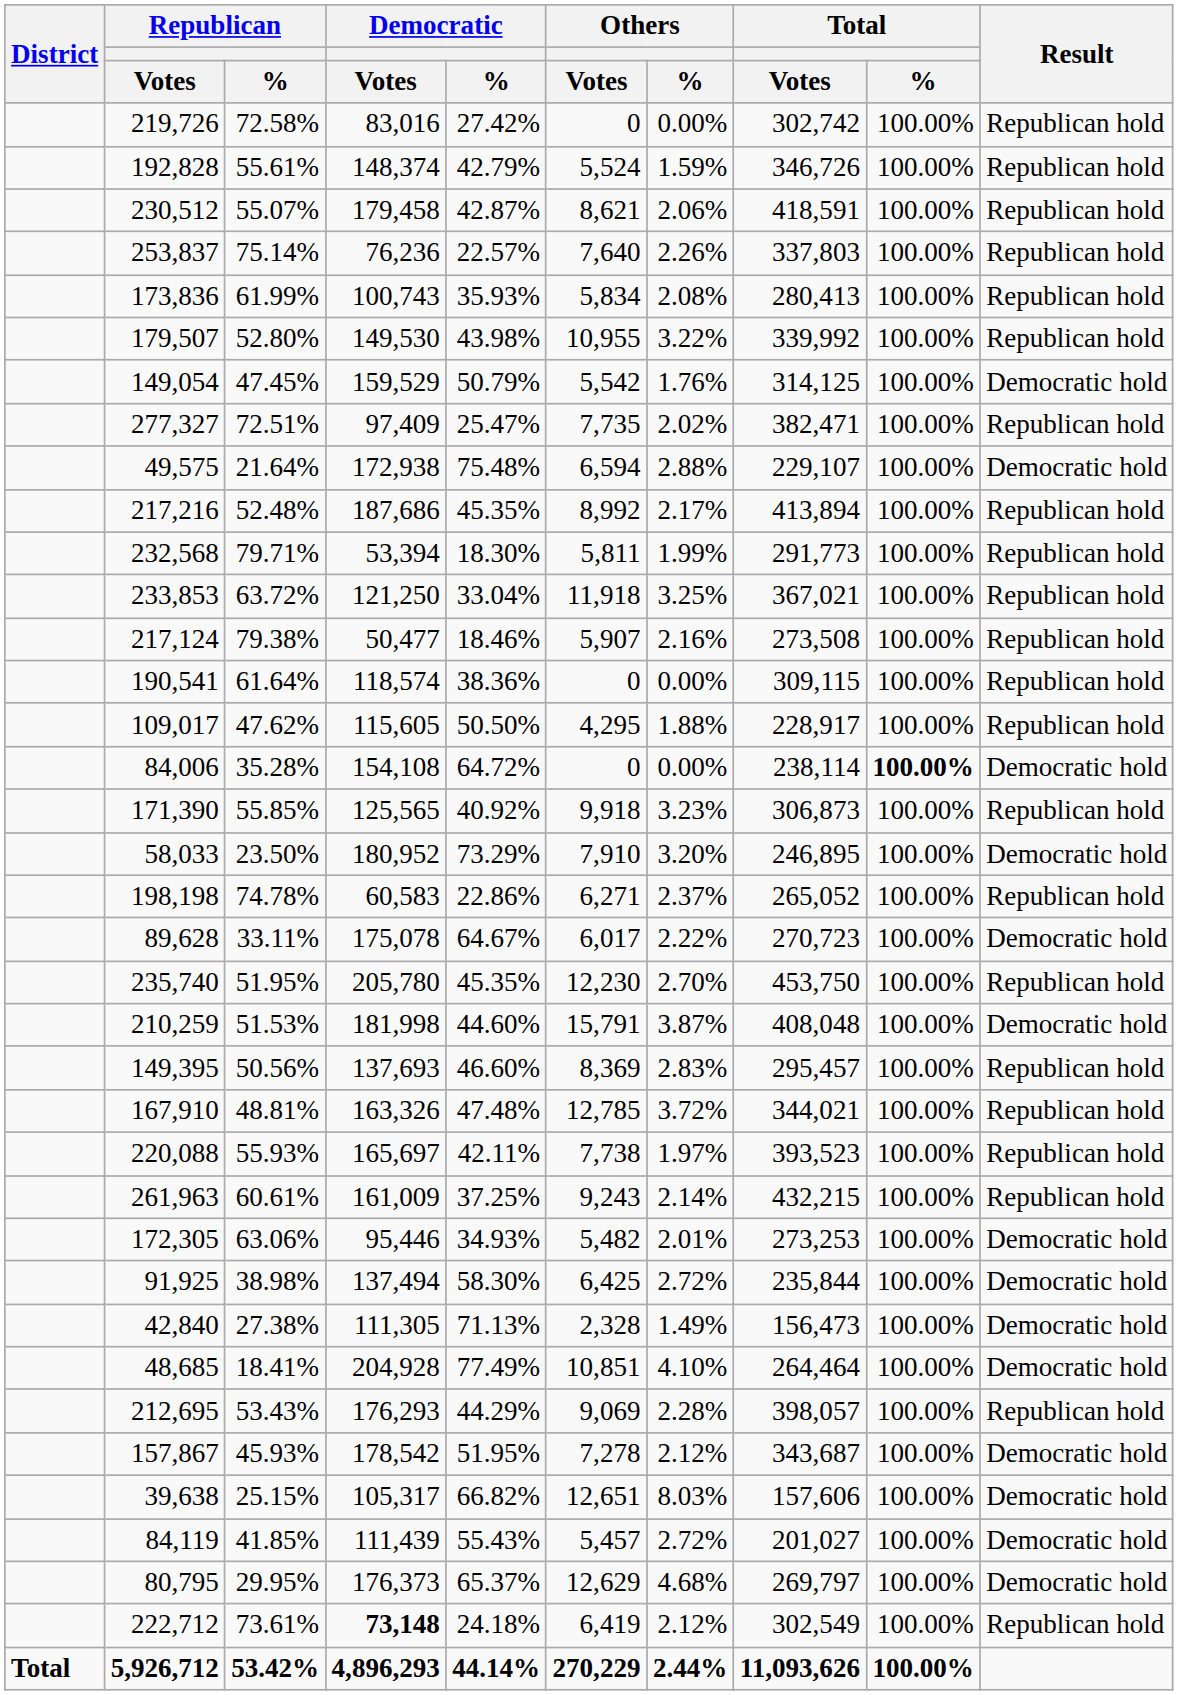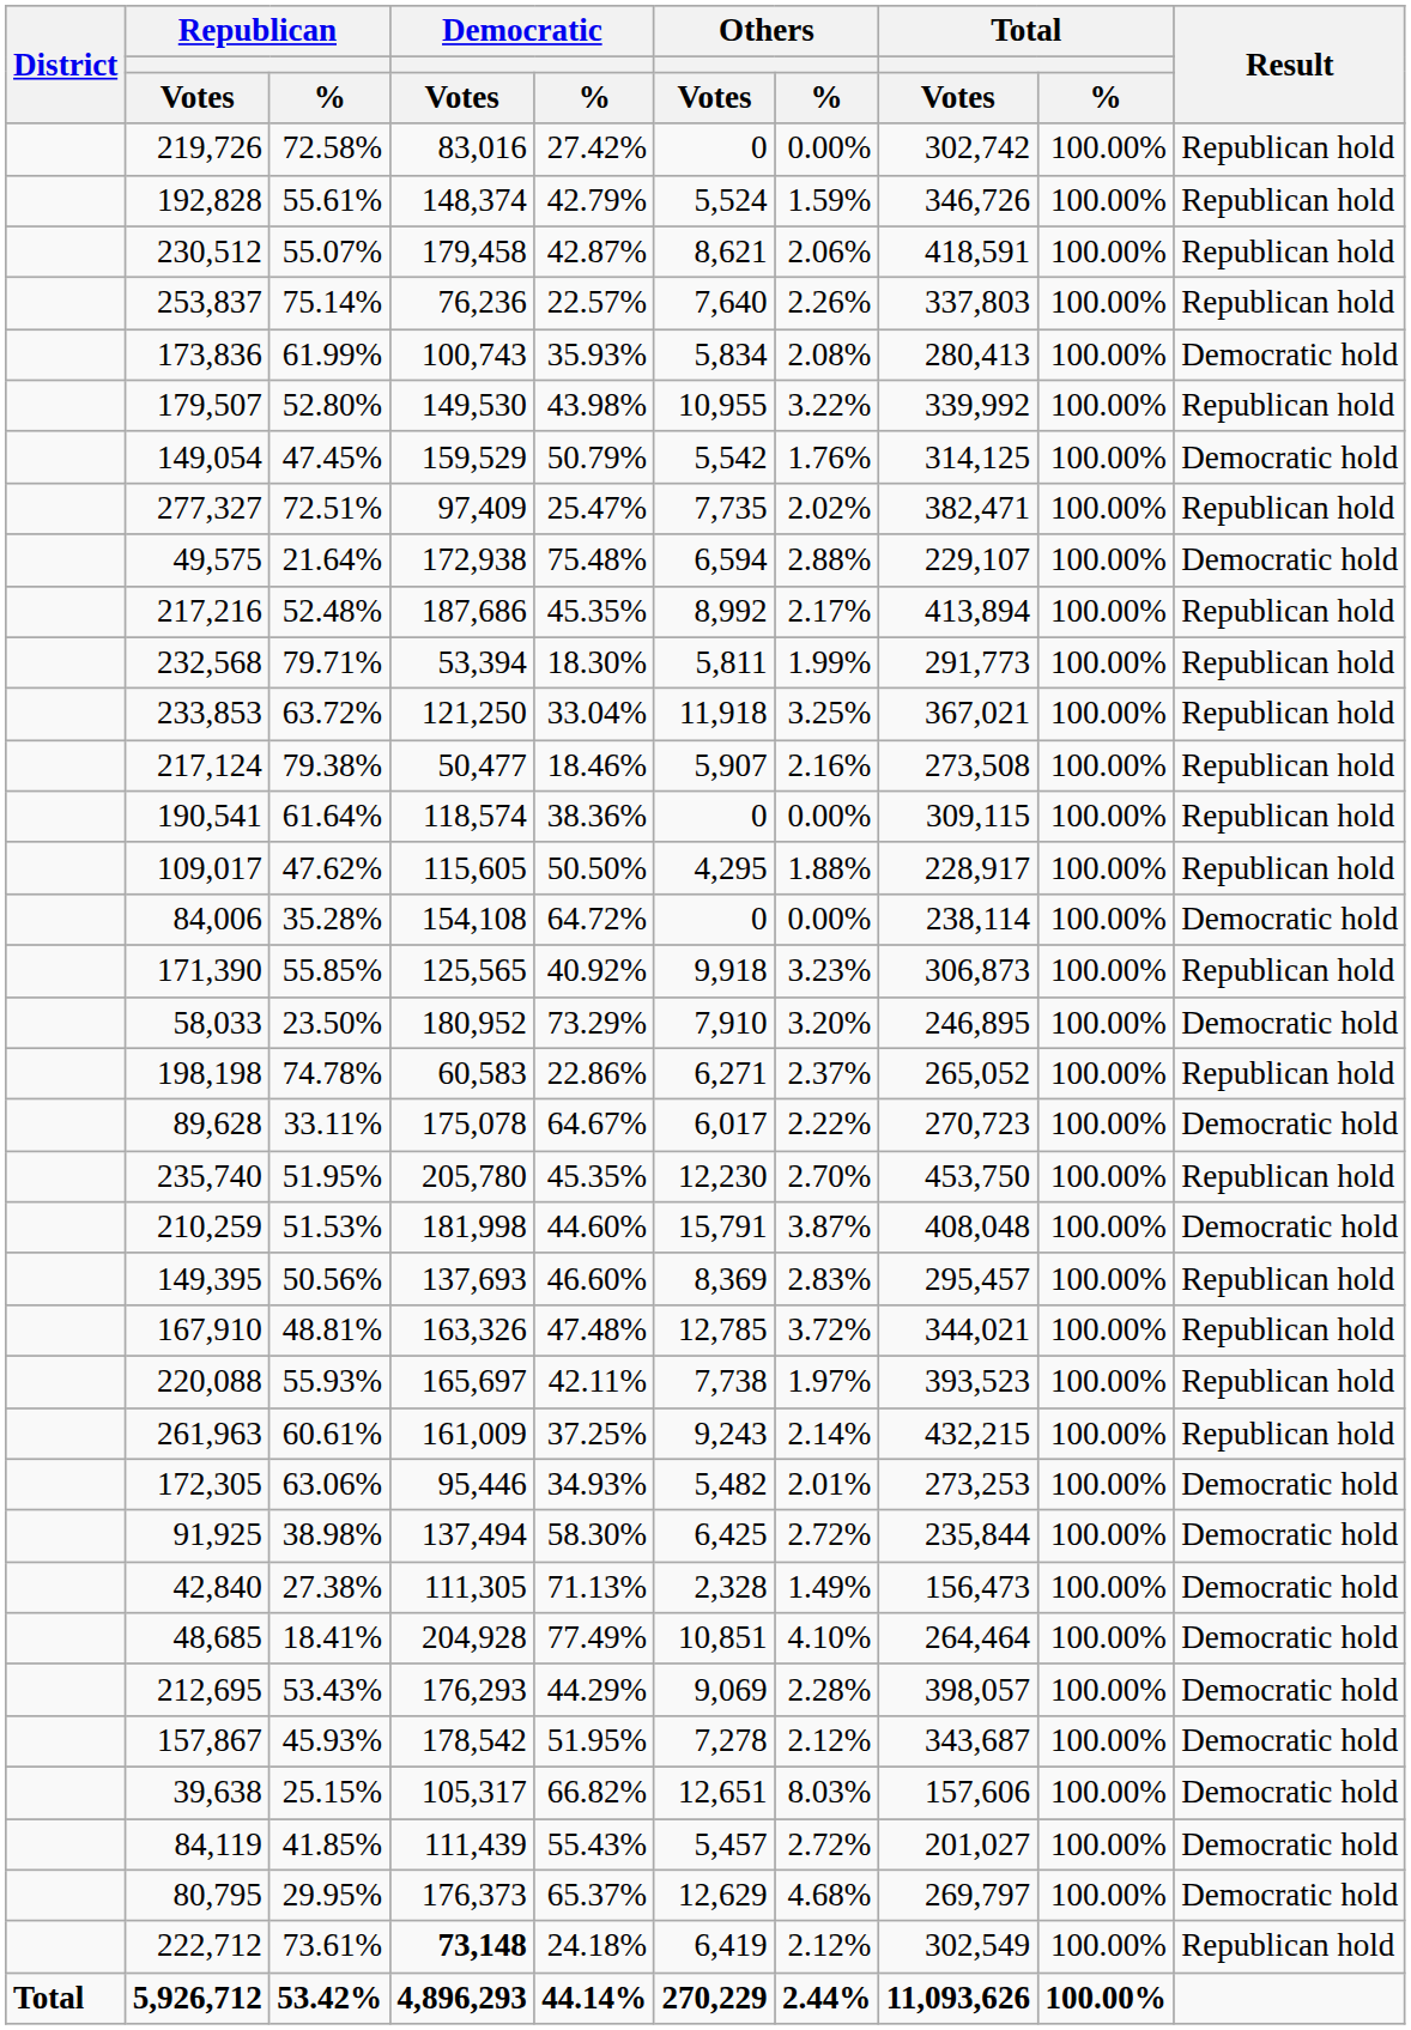 <table class="wikitable plainrowheaders sortable" style="font-size:100%; text-align:right;">
 <tr>
 <th scope=col rowspan=3><a href='#'>District</a></th>
 <th scope=col colspan=2><a href='#'>Republican</a></th>
 <th scope=col colspan=2><a href='#'>Democratic</a></th>
 <th scope=col colspan=2>Others</th>
 <th scope=col colspan=2>Total</th>
 <th scope=col rowspan=3>Result</th>
 </tr>
 <tr>
 <th scope=col colspan=2 style="background:"></th>
 <th scope=col colspan=2 style="background:"></th>
 <th scope=col colspan=2></th>
 <th scope=col colspan=2></th>
 </tr>
 <tr>
 <th scope=col data-sort-type="number">Votes</th>
 <th scope=col data-sort-type="number">%</th>
 <th scope=col data-sort-type="number">Votes</th>
 <th scope=col data-sort-type="number">%</th>
 <th scope=col data-sort-type="number">Votes</th>
 <th scope=col data-sort-type="number">%</th>
 <th scope=col data-sort-type="number">Votes</th>
 <th scope=col data-sort-type="number">%</th>
 </tr>
 <tr>
 <td align=left></td>
 <td>219,726</td>
 <td>72.58%</td>
 <td>83,016</td>
 <td>27.42%</td>
 <td>0</td>
 <td>0.00%</td>
 <td>302,742</td>
 <td>100.00%</td>
 <td align=left>Republican hold</td>
 </tr>
 <tr>
 <td align=left></td>
 <td>192,828</td>
 <td>55.61%</td>
 <td>148,374</td>
 <td>42.79%</td>
 <td>5,524</td>
 <td>1.59%</td>
 <td>346,726</td>
 <td>100.00%</td>
 <td align=left>Republican hold</td>
 </tr>
 <tr>
 <td align=left></td>
 <td>230,512</td>
 <td>55.07%</td>
 <td>179,458</td>
 <td>42.87%</td>
 <td>8,621</td>
 <td>2.06%</td>
 <td>418,591</td>
 <td>100.00%</td>
 <td align=left>Republican hold</td>
 </tr>
 <tr>
 <td align=left></td>
 <td>253,837</td>
 <td>75.14%</td>
 <td>76,236</td>
 <td>22.57%</td>
 <td>7,640</td>
 <td>2.26%</td>
 <td>337,803</td>
 <td>100.00%</td>
 <td align=left>Republican hold</td>
 </tr>
 <tr>
 <td align=left></td>
 <td>173,836</td>
 <td>61.99%</td>
 <td>100,743</td>
 <td>35.93%</td>
 <td>5,834</td>
 <td>2.08%</td>
 <td>280,413</td>
 <td>100.00%</td>
-<td align=left>Republican hold</td>
+<td align=left>Democratic hold</td>
 </tr>
 <tr>
 <td align=left></td>
 <td>179,507</td>
 <td>52.80%</td>
 <td>149,530</td>
 <td>43.98%</td>
 <td>10,955</td>
 <td>3.22%</td>
 <td>339,992</td>
 <td>100.00%</td>
 <td align=left>Republican hold</td>
 </tr>
 <tr>
 <td align=left></td>
 <td>149,054</td>
 <td>47.45%</td>
 <td>159,529</td>
 <td>50.79%</td>
 <td>5,542</td>
 <td>1.76%</td>
 <td>314,125</td>
 <td>100.00%</td>
 <td align=left>Democratic hold</td>
 </tr>
 <tr>
 <td align=left></td>
 <td>277,327</td>
 <td>72.51%</td>
 <td>97,409</td>
 <td>25.47%</td>
 <td>7,735</td>
 <td>2.02%</td>
 <td>382,471</td>
 <td>100.00%</td>
 <td align=left>Republican hold</td>
 </tr>
 <tr>
 <td align=left></td>
 <td>49,575</td>
 <td>21.64%</td>
 <td>172,938</td>
 <td>75.48%</td>
 <td>6,594</td>
 <td>2.88%</td>
 <td>229,107</td>
 <td>100.00%</td>
 <td align=left>Democratic hold</td>
 </tr>
 <tr>
 <td align=left></td>
 <td>217,216</td>
 <td>52.48%</td>
 <td>187,686</td>
 <td>45.35%</td>
 <td>8,992</td>
 <td>2.17%</td>
 <td>413,894</td>
 <td>100.00%</td>
 <td align=left>Republican hold</td>
 </tr>
 <tr>
 <td align=left></td>
 <td>232,568</td>
 <td>79.71%</td>
 <td>53,394</td>
 <td>18.30%</td>
 <td>5,811</td>
 <td>1.99%</td>
 <td>291,773</td>
 <td>100.00%</td>
 <td align=left>Republican hold</td>
 </tr>
 <tr>
 <td align=left></td>
 <td>233,853</td>
 <td>63.72%</td>
 <td>121,250</td>
 <td>33.04%</td>
 <td>11,918</td>
 <td>3.25%</td>
 <td>367,021</td>
 <td>100.00%</td>
 <td align=left>Republican hold</td>
 </tr>
 <tr>
 <td align=left></td>
 <td>217,124</td>
 <td>79.38%</td>
 <td>50,477</td>
 <td>18.46%</td>
 <td>5,907</td>
 <td>2.16%</td>
 <td>273,508</td>
 <td>100.00%</td>
 <td align=left>Republican hold</td>
 </tr>
 <tr>
 <td align=left></td>
 <td>190,541</td>
 <td>61.64%</td>
 <td>118,574</td>
 <td>38.36%</td>
 <td>0</td>
 <td>0.00%</td>
 <td>309,115</td>
 <td>100.00%</td>
 <td align=left>Republican hold</td>
 </tr>
 <tr>
 <td align=left></td>
 <td>109,017</td>
 <td>47.62%</td>
 <td>115,605</td>
 <td>50.50%</td>
 <td>4,295</td>
 <td>1.88%</td>
 <td>228,917</td>
 <td>100.00%</td>
 <td align=left>Republican hold</td>
 </tr>
 <tr>
 <td align=left></td>
 <td>84,006</td>
 <td>35.28%</td>
 <td>154,108</td>
 <td>64.72%</td>
 <td>0</td>
 <td>0.00%</td>
 <td>238,114</td>
-<td><strong>100.00%</strong></td>
+<td>100.00%</td>
 <td align=left>Democratic hold</td>
 </tr>
 <tr>
 <td align=left></td>
 <td>171,390</td>
 <td>55.85%</td>
 <td>125,565</td>
 <td>40.92%</td>
 <td>9,918</td>
 <td>3.23%</td>
 <td>306,873</td>
 <td>100.00%</td>
 <td align=left>Republican hold</td>
 </tr>
 <tr>
 <td align=left></td>
 <td>58,033</td>
 <td>23.50%</td>
 <td>180,952</td>
 <td>73.29%</td>
 <td>7,910</td>
 <td>3.20%</td>
 <td>246,895</td>
 <td>100.00%</td>
 <td align=left>Democratic hold</td>
 </tr>
 <tr>
 <td align=left></td>
 <td>198,198</td>
 <td>74.78%</td>
 <td>60,583</td>
 <td>22.86%</td>
 <td>6,271</td>
 <td>2.37%</td>
 <td>265,052</td>
 <td>100.00%</td>
 <td align=left>Republican hold</td>
 </tr>
 <tr>
 <td align=left></td>
 <td>89,628</td>
 <td>33.11%</td>
 <td>175,078</td>
 <td>64.67%</td>
 <td>6,017</td>
 <td>2.22%</td>
 <td>270,723</td>
 <td>100.00%</td>
 <td align=left>Democratic hold</td>
 </tr>
 <tr>
 <td align=left></td>
 <td>235,740</td>
 <td>51.95%</td>
 <td>205,780</td>
 <td>45.35%</td>
 <td>12,230</td>
 <td>2.70%</td>
 <td>453,750</td>
 <td>100.00%</td>
 <td align=left>Republican hold</td>
 </tr>
 <tr>
 <td align=left></td>
 <td>210,259</td>
 <td>51.53%</td>
 <td>181,998</td>
 <td>44.60%</td>
 <td>15,791</td>
 <td>3.87%</td>
 <td>408,048</td>
 <td>100.00%</td>
 <td align=left>Democratic hold</td>
 </tr>
 <tr>
 <td align=left></td>
 <td>149,395</td>
 <td>50.56%</td>
 <td>137,693</td>
 <td>46.60%</td>
 <td>8,369</td>
 <td>2.83%</td>
 <td>295,457</td>
 <td>100.00%</td>
 <td align=left>Republican hold</td>
 </tr>
 <tr>
 <td align=left></td>
 <td>167,910</td>
 <td>48.81%</td>
 <td>163,326</td>
 <td>47.48%</td>
 <td>12,785</td>
 <td>3.72%</td>
 <td>344,021</td>
 <td>100.00%</td>
 <td align=left>Republican hold</td>
 </tr>
 <tr>
 <td align=left></td>
 <td>220,088</td>
 <td>55.93%</td>
 <td>165,697</td>
 <td>42.11%</td>
 <td>7,738</td>
 <td>1.97%</td>
 <td>393,523</td>
 <td>100.00%</td>
 <td align=left>Republican hold</td>
 </tr>
 <tr>
 <td align=left></td>
 <td>261,963</td>
 <td>60.61%</td>
 <td>161,009</td>
 <td>37.25%</td>
 <td>9,243</td>
 <td>2.14%</td>
 <td>432,215</td>
 <td>100.00%</td>
 <td align=left>Republican hold</td>
 </tr>
 <tr>
 <td align=left></td>
 <td>172,305</td>
 <td>63.06%</td>
 <td>95,446</td>
 <td>34.93%</td>
 <td>5,482</td>
 <td>2.01%</td>
 <td>273,253</td>
 <td>100.00%</td>
 <td align=left>Democratic hold</td>
 </tr>
 <tr>
 <td align=left></td>
 <td>91,925</td>
 <td>38.98%</td>
 <td>137,494</td>
 <td>58.30%</td>
 <td>6,425</td>
 <td>2.72%</td>
 <td>235,844</td>
 <td>100.00%</td>
 <td align=left>Democratic hold</td>
 </tr>
 <tr>
 <td align=left></td>
 <td>42,840</td>
 <td>27.38%</td>
 <td>111,305</td>
 <td>71.13%</td>
 <td>2,328</td>
 <td>1.49%</td>
 <td>156,473</td>
 <td>100.00%</td>
 <td align=left>Democratic hold</td>
 </tr>
 <tr>
 <td align=left></td>
 <td>48,685</td>
 <td>18.41%</td>
 <td>204,928</td>
 <td>77.49%</td>
 <td>10,851</td>
 <td>4.10%</td>
 <td>264,464</td>
 <td>100.00%</td>
 <td align=left>Democratic hold</td>
 </tr>
 <tr>
 <td align=left></td>
 <td>212,695</td>
 <td>53.43%</td>
 <td>176,293</td>
 <td>44.29%</td>
 <td>9,069</td>
 <td>2.28%</td>
 <td>398,057</td>
 <td>100.00%</td>
-<td align=left>Republican hold</td>
+<td align=left>Democratic hold</td>
 </tr>
 <tr>
 <td align=left></td>
 <td>157,867</td>
 <td>45.93%</td>
 <td>178,542</td>
 <td>51.95%</td>
 <td>7,278</td>
 <td>2.12%</td>
 <td>343,687</td>
 <td>100.00%</td>
 <td align=left>Democratic hold</td>
 </tr>
 <tr>
 <td align=left></td>
 <td>39,638</td>
 <td>25.15%</td>
 <td>105,317</td>
 <td>66.82%</td>
 <td>12,651</td>
 <td>8.03%</td>
 <td>157,606</td>
 <td>100.00%</td>
 <td align=left>Democratic hold</td>
 </tr>
 <tr>
 <td align=left></td>
 <td>84,119</td>
 <td>41.85%</td>
 <td>111,439</td>
 <td>55.43%</td>
 <td>5,457</td>
 <td>2.72%</td>
 <td>201,027</td>
 <td>100.00%</td>
 <td align=left>Democratic hold</td>
 </tr>
 <tr>
 <td align=left></td>
 <td>80,795</td>
 <td>29.95%</td>
 <td>176,373</td>
 <td>65.37%</td>
 <td>12,629</td>
 <td>4.68%</td>
 <td>269,797</td>
 <td>100.00%</td>
 <td align=left>Democratic hold</td>
 </tr>
 <tr>
 <td align=left></td>
 <td>222,712</td>
 <td>73.61%</td>
 <td><strong>73,148</strong></td>
 <td>24.18%</td>
 <td>6,419</td>
 <td>2.12%</td>
 <td>302,549</td>
 <td>100.00%</td>
 <td align=left>Republican hold</td>
 </tr>
 <tr class="sortbottom" style="font-weight:bold">
 <td align=left>Total</td>
 <td>5,926,712</td>
 <td>53.42%</td>
 <td>4,896,293</td>
 <td>44.14%</td>
 <td>270,229</td>
 <td>2.44%</td>
 <td>11,093,626</td>
 <td>100.00%</td>
 <td></td>
 </tr>
 </table>
